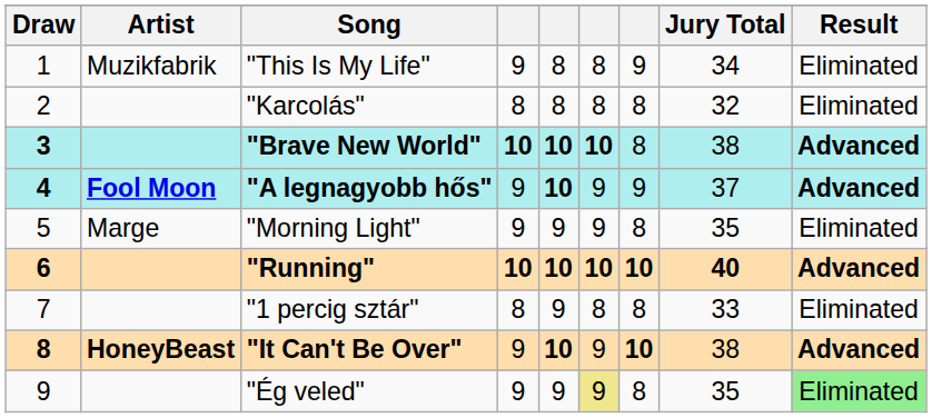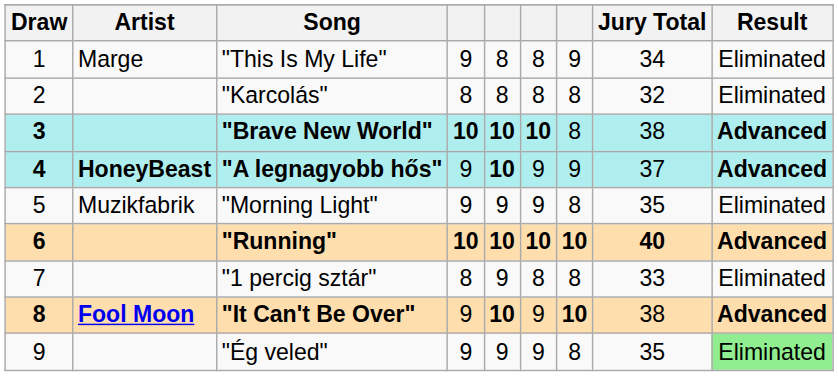 <table class="sortable wikitable" style="margin: 1em auto 1em auto; text-align:center">
 <tr>
 </tr>
 <tr>
 <th>Draw</th>
 <th>Artist</th>
 <th>Song</th>
 <th><small></small></th>
 <th><small></small></th>
 <th><small></small></th>
 <th><small></small></th>
 <th>Jury Total</th>
 <th>Result</th>
 </tr>
 <tr>
 <td>1</td>
-<td align="left">Muzikfabrik</td>
+<td align="left">Marge</td>
 <td align="left">"This Is My Life"</td>
 <td>9</td>
 <td>8</td>
 <td>8</td>
 <td>9</td>
 <td>34</td>
 <td>Eliminated</td>
 </tr>
 <tr>
 <td>2</td>
 <td align="left"></td>
 <td align="left">"Karcolás"</td>
 <td>8</td>
 <td>8</td>
 <td>8</td>
 <td>8</td>
 <td>32</td>
 <td>Eliminated</td>
 </tr>
 <tr style="background:paleturquoise;">
 <td><strong>3</strong></td>
 <td align="left"><strong></strong></td>
 <td align="left"><strong>"Brave New World"</strong></td>
 <td><strong>10</strong></td>
 <td><strong>10</strong></td>
 <td><strong>10</strong></td>
 <td>8</td>
 <td>38</td>
 <td><strong>Advanced</strong></td>
 </tr>
 <tr style="background:paleturquoise;">
 <td><strong>4</strong></td>
-<td align="left"><strong><a href='#'>Fool Moon</a></strong></td>
+<td align="left"><strong>HoneyBeast</strong></td>
 <td align="left"><strong>"A legnagyobb hős"</strong></td>
 <td>9</td>
 <td><strong>10</strong></td>
 <td>9</td>
 <td>9</td>
 <td>37</td>
 <td><strong>Advanced</strong></td>
 </tr>
 <tr>
 <td>5</td>
-<td align="left">Marge</td>
+<td align="left">Muzikfabrik</td>
 <td align="left">"Morning Light"</td>
 <td>9</td>
 <td>9</td>
 <td>9</td>
 <td>8</td>
 <td>35</td>
 <td>Eliminated</td>
 </tr>
 <tr style="background:navajowhite;">
 <td><strong>6</strong></td>
 <td align="left"><strong></strong></td>
 <td align="left"><strong>"Running"</strong></td>
 <td><strong>10</strong></td>
 <td><strong>10</strong></td>
 <td><strong>10</strong></td>
 <td><strong>10</strong></td>
 <td><strong>40</strong></td>
 <td><strong>Advanced</strong></td>
 </tr>
 <tr>
 <td>7</td>
 <td align="left"></td>
 <td align="left">"1 percig sztár"</td>
 <td>8</td>
 <td>9</td>
 <td>8</td>
 <td>8</td>
 <td>33</td>
 <td>Eliminated</td>
 </tr>
 <tr style="background:navajowhite;">
 <td><strong>8</strong></td>
-<td align="left"><strong>HoneyBeast</strong></td>
+<td align="left"><strong><a href='#'>Fool Moon</a></strong></td>
 <td align="left"><strong>"It Can't Be Over"</strong></td>
 <td>9</td>
 <td><strong>10</strong></td>
 <td>9</td>
 <td><strong>10</strong></td>
 <td>38</td>
 <td><strong>Advanced</strong></td>
 </tr>
 <tr>
 <td>9</td>
 <td align="left"></td>
 <td align="left">"Ég veled"</td>
 <td>9</td>
 <td>9</td>
-<td style="background: khaki;">9</td>
+<td>9</td>
 <td>8</td>
 <td>35</td>
 <td style="background: lightgreen;">Eliminated</td>
 </tr>
 </table>
